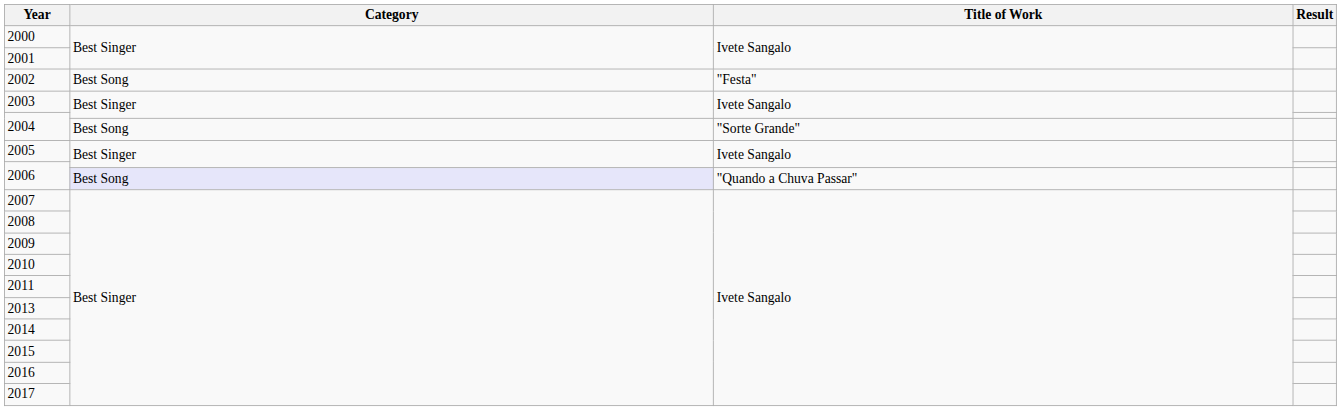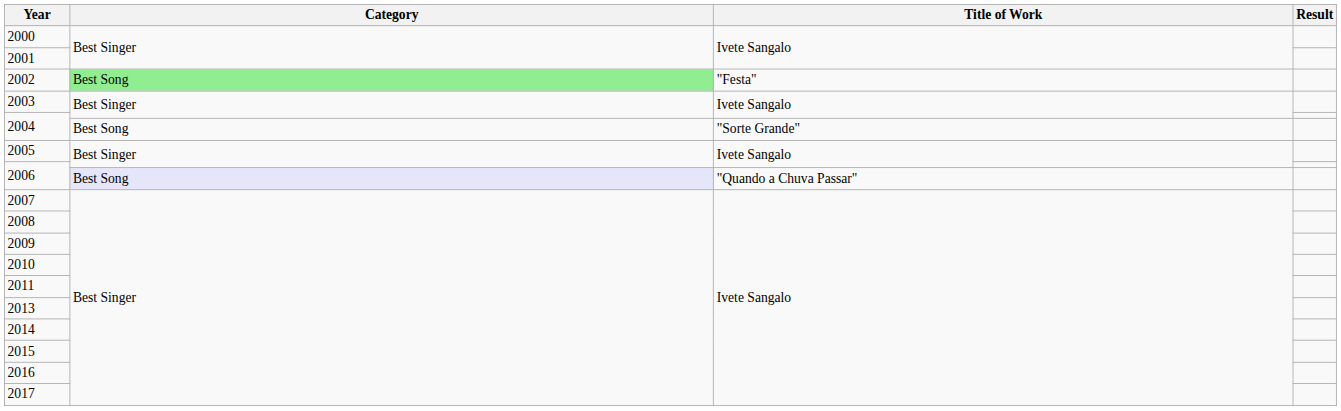 <table class="wikitable" style="table-layout: fixed;">
 <tr>
 <th width="5%">Year</th>
 <th width="50%">Category</th>
 <th width="50%">Title of Work</th>
 <th width="10%">Result</th>
 </tr>
 <tr>
 <td>2000</td>
 <td rowspan=2>Best Singer</td>
 <td rowspan=2>Ivete Sangalo</td>
 <td></td>
 </tr>
 <tr>
 <td>2001</td>
 <td></td>
 </tr>
 <tr>
 <td>2002</td>
-<td>Best Song</td>
+<td style="background: lightgreen;">Best Song</td>
 <td>"Festa"</td>
 <td></td>
 </tr>
 <tr>
 <td>2003</td>
 <td rowspan=2>Best Singer</td>
 <td rowspan=2>Ivete Sangalo</td>
 <td></td>
 </tr>
 <tr>
 <td rowspan=2>2004</td>
 <td></td>
 </tr>
 <tr>
 <td>Best Song</td>
 <td>"Sorte Grande"</td>
 <td></td>
 </tr>
 <tr>
 <td>2005</td>
 <td rowspan=2>Best Singer</td>
 <td rowspan=2>Ivete Sangalo</td>
 <td></td>
 </tr>
 <tr>
 <td rowspan=2>2006</td>
 <td></td>
 </tr>
 <tr>
 <td style="background: lavender;">Best Song</td>
 <td>"Quando a Chuva Passar"</td>
 <td></td>
 </tr>
 <tr>
 <td>2007</td>
 <td rowspan=10>Best Singer</td>
 <td rowspan=10>Ivete Sangalo</td>
 <td></td>
 </tr>
 <tr>
 <td>2008</td>
 <td></td>
 </tr>
 <tr>
 <td>2009</td>
 <td></td>
 </tr>
 <tr>
 <td>2010</td>
 <td></td>
 </tr>
 <tr>
 <td>2011</td>
 <td></td>
 </tr>
 <tr>
 <td>2013</td>
 <td></td>
 </tr>
 <tr>
 <td>2014</td>
 <td></td>
 </tr>
 <tr>
 <td>2015</td>
 <td></td>
 </tr>
 <tr>
 <td>2016</td>
 <td></td>
 </tr>
 <tr>
 <td>2017</td>
 <td></td>
 </tr>
 </table>
